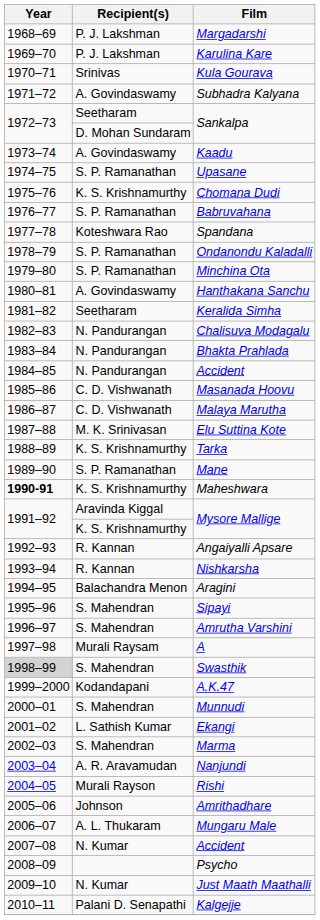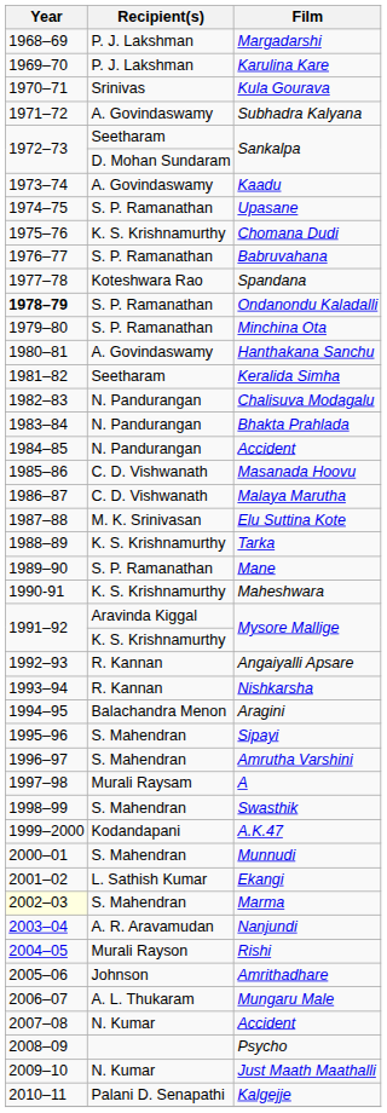 <table class="wikitable sortable">
 <tr>
 <th>Year</th>
 <th>Recipient(s)</th>
 <th>Film</th>
 </tr>
 <tr>
 <td>1968–69</td>
 <td>P. J. Lakshman</td>
 <td><em><a href='#'>Margadarshi</a></em></td>
 </tr>
 <tr>
 <td>1969–70</td>
 <td>P. J. Lakshman</td>
 <td><em><a href='#'>Karulina Kare</a></em></td>
 </tr>
 <tr>
 <td>1970–71</td>
 <td>Srinivas</td>
 <td><em><a href='#'>Kula Gourava</a></em></td>
 </tr>
 <tr>
 <td>1971–72</td>
 <td>A. Govindaswamy</td>
 <td><em>Subhadra Kalyana</em></td>
 </tr>
 <tr>
 <td rowspan="2">1972–73</td>
 <td>Seetharam</td>
 <td rowspan="2"><em>Sankalpa</em></td>
 </tr>
 <tr>
 <td>D. Mohan Sundaram</td>
 </tr>
 <tr>
 <td>1973–74</td>
 <td>A. Govindaswamy</td>
 <td><em><a href='#'>Kaadu</a></em></td>
 </tr>
 <tr>
 <td>1974–75</td>
 <td>S. P. Ramanathan</td>
 <td><em><a href='#'>Upasane</a></em></td>
 </tr>
 <tr>
 <td>1975–76</td>
 <td>K. S. Krishnamurthy</td>
 <td><em><a href='#'>Chomana Dudi</a></em></td>
 </tr>
 <tr>
 <td>1976–77</td>
 <td>S. P. Ramanathan</td>
 <td><em><a href='#'>Babruvahana</a></em></td>
 </tr>
 <tr>
 <td>1977–78</td>
 <td>Koteshwara Rao</td>
 <td><em>Spandana</em></td>
 </tr>
 <tr>
-<td>1978–79</td>
+<td><strong>1978–79</strong></td>
 <td>S. P. Ramanathan</td>
 <td><em><a href='#'>Ondanondu Kaladalli</a></em></td>
 </tr>
 <tr>
 <td>1979–80</td>
 <td>S. P. Ramanathan</td>
 <td><em><a href='#'>Minchina Ota</a></em></td>
 </tr>
 <tr>
 <td>1980–81</td>
 <td>A. Govindaswamy</td>
 <td><em><a href='#'>Hanthakana Sanchu</a></em></td>
 </tr>
 <tr>
 <td>1981–82</td>
 <td>Seetharam</td>
 <td><em><a href='#'>Keralida Simha</a></em></td>
 </tr>
 <tr>
 <td>1982–83</td>
 <td>N. Pandurangan</td>
 <td><em><a href='#'>Chalisuva Modagalu</a></em></td>
 </tr>
 <tr>
 <td>1983–84</td>
 <td>N. Pandurangan</td>
 <td><em><a href='#'>Bhakta Prahlada</a></em></td>
 </tr>
 <tr>
 <td>1984–85</td>
 <td>N. Pandurangan</td>
 <td><em><a href='#'>Accident</a></em></td>
 </tr>
 <tr>
 <td>1985–86</td>
 <td>C. D. Vishwanath</td>
 <td><em><a href='#'>Masanada Hoovu</a></em></td>
 </tr>
 <tr>
 <td>1986–87</td>
 <td>C. D. Vishwanath</td>
 <td><em><a href='#'>Malaya Marutha</a></em></td>
 </tr>
 <tr>
 <td>1987–88</td>
 <td>M. K. Srinivasan</td>
 <td><em><a href='#'>Elu Suttina Kote</a></em></td>
 </tr>
 <tr>
 <td>1988–89</td>
 <td>K. S. Krishnamurthy</td>
 <td><em><a href='#'>Tarka</a></em></td>
 </tr>
 <tr>
 <td>1989–90</td>
 <td>S. P. Ramanathan</td>
 <td><em><a href='#'>Mane</a></em></td>
 </tr>
 <tr>
-<td><strong>1990-91</strong></td>
+<td>1990-91</td>
 <td>K. S. Krishnamurthy</td>
 <td><em>Maheshwara</em></td>
 </tr>
 <tr>
 <td rowspan="2">1991–92</td>
 <td>Aravinda Kiggal</td>
 <td rowspan="2"><em><a href='#'>Mysore Mallige</a></em></td>
 </tr>
 <tr>
 <td>K. S. Krishnamurthy</td>
 </tr>
 <tr>
 <td>1992–93</td>
 <td>R. Kannan</td>
 <td><em>Angaiyalli Apsare</em></td>
 </tr>
 <tr>
 <td>1993–94</td>
 <td>R. Kannan</td>
 <td><em><a href='#'>Nishkarsha</a></em></td>
 </tr>
 <tr>
 <td>1994–95</td>
 <td>Balachandra Menon</td>
 <td><em>Aragini</em></td>
 </tr>
 <tr>
 <td>1995–96</td>
 <td>S. Mahendran</td>
 <td><em><a href='#'>Sipayi</a></em></td>
 </tr>
 <tr>
 <td>1996–97</td>
 <td>S. Mahendran</td>
 <td><em><a href='#'>Amrutha Varshini</a></em></td>
 </tr>
 <tr>
 <td>1997–98</td>
 <td>Murali Raysam</td>
 <td><em><a href='#'>A</a></em></td>
 </tr>
 <tr>
-<td style="background: lightgrey;">1998–99</td>
+<td>1998–99</td>
 <td>S. Mahendran</td>
 <td><em><a href='#'>Swasthik</a></em></td>
 </tr>
 <tr>
 <td>1999–2000</td>
 <td>Kodandapani</td>
 <td><em><a href='#'>A.K.47</a></em></td>
 </tr>
 <tr>
 <td>2000–01</td>
 <td>S. Mahendran</td>
 <td><em><a href='#'>Munnudi</a></em></td>
 </tr>
 <tr>
 <td>2001–02</td>
 <td>L. Sathish Kumar</td>
 <td><em><a href='#'>Ekangi</a></em></td>
 </tr>
 <tr>
-<td>2002–03</td>
+<td style="background: lightyellow;">2002–03</td>
 <td>S. Mahendran</td>
 <td><em><a href='#'>Marma</a></em></td>
 </tr>
 <tr>
 <td><a href='#'>2003–04</a></td>
 <td>A. R. Aravamudan</td>
 <td><em><a href='#'>Nanjundi</a></em></td>
 </tr>
 <tr>
 <td><a href='#'>2004–05</a></td>
 <td>Murali Rayson</td>
 <td><em><a href='#'>Rishi</a></em></td>
 </tr>
 <tr>
 <td>2005–06</td>
 <td>Johnson</td>
 <td><em><a href='#'>Amrithadhare</a></em></td>
 </tr>
 <tr>
 <td>2006–07</td>
 <td>A. L. Thukaram</td>
 <td><em><a href='#'>Mungaru Male</a></em></td>
 </tr>
 <tr>
 <td>2007–08</td>
 <td>N. Kumar</td>
 <td><em><a href='#'>Accident</a></em></td>
 </tr>
 <tr>
 <td>2008–09</td>
 <td></td>
 <td><em>Psycho</em></td>
 </tr>
 <tr>
 <td>2009–10</td>
 <td>N. Kumar</td>
 <td><em><a href='#'>Just Maath Maathalli</a></em></td>
 </tr>
 <tr>
 <td>2010–11</td>
 <td>Palani D. Senapathi</td>
 <td><em><a href='#'>Kalgejje</a></em></td>
 </tr>
 <tr>
 </tr>
 </table>
